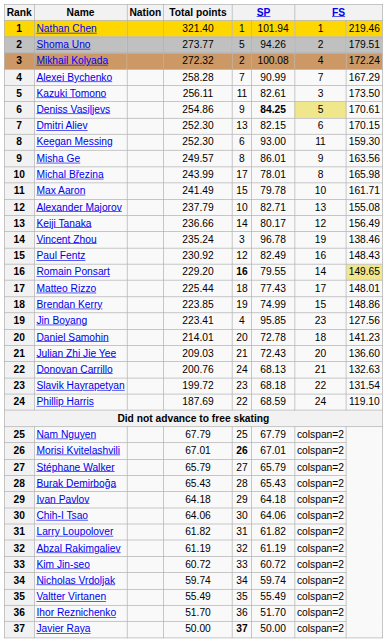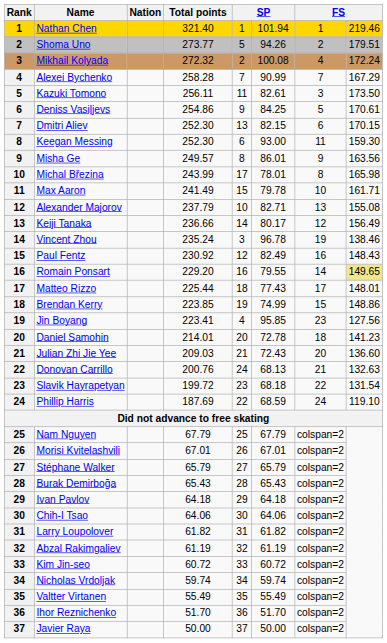 <table class="wikitable sortable">
 <tr>
 <th>Rank</th>
 <th>Name</th>
 <th>Nation</th>
 <th width="100px">Total points</th>
 <th colspan="2" width="90px"><a href='#'>SP</a></th>
 <th colspan="2" width="90px"><a href='#'>FS</a></th>
 </tr>
 <tr bgcolor="gold">
 <td align="center" bgcolor="gold"><strong>1</strong></td>
 <td><a href='#'>Nathan Chen</a></td>
 <td></td>
 <td align="center">321.40</td>
 <td align="center">1</td>
 <td align="center">101.94</td>
 <td align="center">1</td>
 <td align="center">219.46</td>
 </tr>
 <tr bgcolor="silver">
 <td align="center" bgcolor="silver"><strong>2</strong></td>
 <td><a href='#'>Shoma Uno</a></td>
 <td></td>
 <td align="center">273.77</td>
 <td align="center">5</td>
 <td align="center">94.26</td>
 <td align="center">2</td>
 <td align="center">179.51</td>
 </tr>
 <tr bgcolor="#cc9966">
 <td align="center" bgcolor="#cc9966"><strong>3</strong></td>
 <td><a href='#'>Mikhail Kolyada</a></td>
 <td></td>
 <td align="center">272.32</td>
 <td align="center">2</td>
 <td align="center">100.08</td>
 <td align="center">4</td>
 <td align="center">172.24</td>
 </tr>
 <tr>
 <th>4</th>
 <td><a href='#'>Alexei Bychenko</a></td>
 <td></td>
 <td align="center">258.28</td>
 <td align="center">7</td>
 <td align="center">90.99</td>
 <td align="center">7</td>
 <td align="center">167.29</td>
 </tr>
 <tr>
 <th>5</th>
 <td><a href='#'>Kazuki Tomono</a></td>
 <td></td>
 <td align="center">256.11</td>
 <td align="center">11</td>
 <td align="center">82.61</td>
 <td align="center">3</td>
 <td align="center">173.50</td>
 </tr>
 <tr>
 <th>6</th>
 <td><a href='#'>Deniss Vasiļjevs</a></td>
 <td></td>
 <td align="center">254.86</td>
 <td align="center">9</td>
-<td align="center"><strong>84.25</strong></td>
-<td align="center" style="background: khaki;">5</td>
+<td align="center">84.25</td>
+<td align="center">5</td>
 <td align="center">170.61</td>
 </tr>
 <tr>
 <th>7</th>
 <td><a href='#'>Dmitri Aliev</a></td>
 <td></td>
 <td align="center">252.30</td>
 <td align="center">13</td>
 <td align="center">82.15</td>
 <td align="center">6</td>
 <td align="center">170.15</td>
 </tr>
 <tr>
 <th>8</th>
 <td><a href='#'>Keegan Messing</a></td>
 <td></td>
 <td align="center">252.30</td>
 <td align="center">6</td>
 <td align="center">93.00</td>
 <td align="center">11</td>
 <td align="center">159.30</td>
 </tr>
 <tr>
 <th>9</th>
 <td><a href='#'>Misha Ge</a></td>
 <td></td>
 <td align="center">249.57</td>
 <td align="center">8</td>
 <td align="center">86.01</td>
 <td align="center">9</td>
 <td align="center">163.56</td>
 </tr>
 <tr>
 <th>10</th>
 <td><a href='#'>Michal Březina</a></td>
 <td></td>
 <td align="center">243.99</td>
 <td align="center">17</td>
 <td align="center">78.01</td>
 <td align="center">8</td>
 <td align="center">165.98</td>
 </tr>
 <tr>
 <th>11</th>
 <td><a href='#'>Max Aaron</a></td>
 <td></td>
 <td align="center">241.49</td>
 <td align="center">15</td>
 <td align="center">79.78</td>
 <td align="center">10</td>
 <td align="center">161.71</td>
 </tr>
 <tr>
 <th>12</th>
 <td><a href='#'>Alexander Majorov</a></td>
 <td></td>
 <td align="center">237.79</td>
 <td align="center">10</td>
 <td align="center">82.71</td>
 <td align="center">13</td>
 <td align="center">155.08</td>
 </tr>
 <tr>
 <th>13</th>
 <td><a href='#'>Keiji Tanaka</a></td>
 <td></td>
 <td align="center">236.66</td>
 <td align="center">14</td>
 <td align="center">80.17</td>
 <td align="center">12</td>
 <td align="center">156.49</td>
 </tr>
 <tr>
 <th>14</th>
 <td><a href='#'>Vincent Zhou</a></td>
 <td></td>
 <td align="center">235.24</td>
 <td align="center">3</td>
 <td align="center">96.78</td>
 <td align="center">19</td>
 <td align="center">138.46</td>
 </tr>
 <tr>
 <th>15</th>
 <td><a href='#'>Paul Fentz</a></td>
 <td></td>
 <td align="center">230.92</td>
 <td align="center">12</td>
 <td align="center">82.49</td>
 <td align="center">16</td>
 <td align="center">148.43</td>
 </tr>
 <tr>
 <th>16</th>
 <td><a href='#'>Romain Ponsart</a></td>
 <td></td>
 <td align="center">229.20</td>
-<td align="center"><strong>16</strong></td>
+<td align="center">16</td>
 <td align="center">79.55</td>
 <td align="center">14</td>
 <td align="center" style="background: khaki;">149.65</td>
 </tr>
 <tr>
 <th>17</th>
 <td><a href='#'>Matteo Rizzo</a></td>
 <td></td>
 <td align="center">225.44</td>
 <td align="center">18</td>
 <td align="center">77.43</td>
 <td align="center">17</td>
 <td align="center">148.01</td>
 </tr>
 <tr>
 <th>18</th>
 <td><a href='#'>Brendan Kerry</a></td>
 <td></td>
 <td align="center">223.85</td>
 <td align="center">19</td>
 <td align="center">74.99</td>
 <td align="center">15</td>
 <td align="center">148.86</td>
 </tr>
 <tr>
 <th>19</th>
 <td><a href='#'>Jin Boyang</a></td>
 <td></td>
 <td align="center">223.41</td>
 <td align="center">4</td>
 <td align="center">95.85</td>
 <td align="center">23</td>
 <td align="center">127.56</td>
 </tr>
 <tr>
 <th>20</th>
 <td><a href='#'>Daniel Samohin</a></td>
 <td></td>
 <td align="center">214.01</td>
 <td align="center">20</td>
 <td align="center">72.78</td>
 <td align="center">18</td>
 <td align="center">141.23</td>
 </tr>
 <tr>
 <th>21</th>
 <td><a href='#'>Julian Zhi Jie Yee</a></td>
 <td></td>
 <td align="center">209.03</td>
 <td align="center">21</td>
 <td align="center">72.43</td>
 <td align="center">20</td>
 <td align="center">136.60</td>
 </tr>
 <tr>
 <th>22</th>
 <td><a href='#'>Donovan Carrillo</a></td>
 <td></td>
 <td align="center">200.76</td>
 <td align="center">24</td>
 <td align="center">68.13</td>
 <td align="center">21</td>
 <td align="center">132.63</td>
 </tr>
 <tr>
 <th>23</th>
 <td><a href='#'>Slavik Hayrapetyan</a></td>
 <td></td>
 <td align="center">199.72</td>
 <td align="center">23</td>
 <td align="center">68.18</td>
 <td align="center">22</td>
 <td align="center">131.54</td>
 </tr>
 <tr>
 <th>24</th>
 <td><a href='#'>Phillip Harris</a></td>
 <td></td>
 <td align="center">187.69</td>
 <td align="center">22</td>
 <td align="center">68.59</td>
 <td align="center">24</td>
 <td align="center">119.10</td>
 </tr>
 <tr>
 <th colspan=8>Did not advance to free skating</th>
 </tr>
 <tr>
 <th>25</th>
 <td><a href='#'>Nam Nguyen</a></td>
 <td></td>
 <td align="center">67.79</td>
 <td align="center">25</td>
 <td align="center">67.79</td>
 <td>colspan=2 </td>
 </tr>
 <tr>
 <th>26</th>
 <td><a href='#'>Morisi Kvitelashvili</a></td>
 <td></td>
 <td align="center">67.01</td>
-<td align="center"><strong>26</strong></td>
+<td align="center">26</td>
 <td align="center">67.01</td>
 <td>colspan=2 </td>
 </tr>
 <tr>
 <th>27</th>
 <td><a href='#'>Stéphane Walker</a></td>
 <td></td>
 <td align="center">65.79</td>
 <td align="center">27</td>
 <td align="center">65.79</td>
 <td>colspan=2 </td>
 </tr>
 <tr>
 <th>28</th>
 <td><a href='#'>Burak Demirboğa</a></td>
 <td></td>
 <td align="center">65.43</td>
 <td align="center">28</td>
 <td align="center">65.43</td>
 <td>colspan=2 </td>
 </tr>
 <tr>
 <th>29</th>
 <td><a href='#'>Ivan Pavlov</a></td>
 <td></td>
 <td align="center">64.18</td>
 <td align="center">29</td>
 <td align="center">64.18</td>
 <td>colspan=2 </td>
 </tr>
 <tr>
 <th>30</th>
 <td><a href='#'>Chih-I Tsao</a></td>
 <td></td>
 <td align="center">64.06</td>
 <td align="center">30</td>
 <td align="center">64.06</td>
 <td>colspan=2 </td>
 </tr>
 <tr>
 <th>31</th>
 <td><a href='#'>Larry Loupolover</a></td>
 <td></td>
 <td align="center">61.82</td>
 <td align="center">31</td>
 <td align="center">61.82</td>
 <td>colspan=2 </td>
 </tr>
 <tr>
 <th>32</th>
 <td><a href='#'>Abzal Rakimgaliev</a></td>
 <td></td>
 <td align="center">61.19</td>
 <td align="center">32</td>
 <td align="center">61.19</td>
 <td>colspan=2 </td>
 </tr>
 <tr>
 <th>33</th>
 <td><a href='#'>Kim Jin-seo</a></td>
 <td></td>
 <td align="center">60.72</td>
 <td align="center">33</td>
 <td align="center">60.72</td>
 <td>colspan=2 </td>
 </tr>
 <tr>
 <th>34</th>
 <td><a href='#'>Nicholas Vrdoljak</a></td>
 <td></td>
 <td align="center">59.74</td>
 <td align="center">34</td>
 <td align="center">59.74</td>
 <td>colspan=2 </td>
 </tr>
 <tr>
 <th>35</th>
 <td><a href='#'>Valtter Virtanen</a></td>
 <td></td>
 <td align="center">55.49</td>
 <td align="center">35</td>
 <td align="center">55.49</td>
 <td>colspan=2 </td>
 </tr>
 <tr>
 <th>36</th>
 <td><a href='#'>Ihor Reznichenko</a></td>
 <td></td>
 <td align="center">51.70</td>
 <td align="center">36</td>
 <td align="center">51.70</td>
 <td>colspan=2 </td>
 </tr>
 <tr>
 <th>37</th>
 <td><a href='#'>Javier Raya</a></td>
 <td></td>
 <td align="center">50.00</td>
-<td align="center"><strong>37</strong></td>
+<td align="center">37</td>
 <td align="center">50.00</td>
 <td>colspan=2 </td>
 </tr>
 </table>
